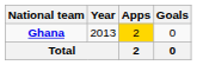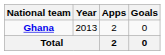 <table class="wikitable" style="font-size:90%; text-align: center;">
 <tr>
 <th>National team</th>
 <th>Year</th>
 <th>Apps</th>
 <th>Goals</th>
 </tr>
 <tr>
 <td><strong><a href='#'>Ghana</a></strong></td>
 <td>2013</td>
-<td style="background: gold;">2</td>
+<td>2</td>
 <td>0</td>
 </tr>
 <tr>
 <th colspan=2>Total</th>
 <th>2</th>
 <th>0</th>
 </tr>
 </table>
